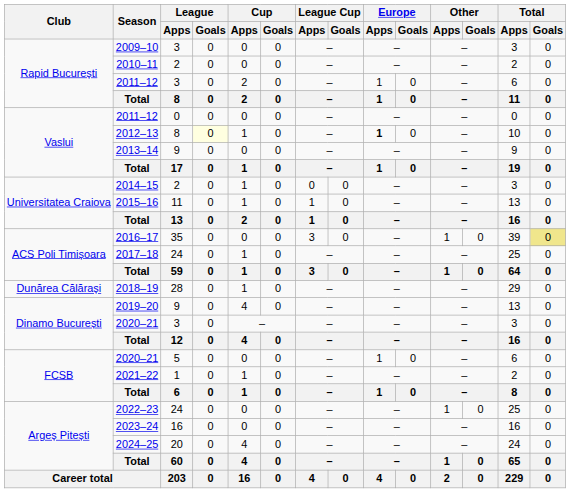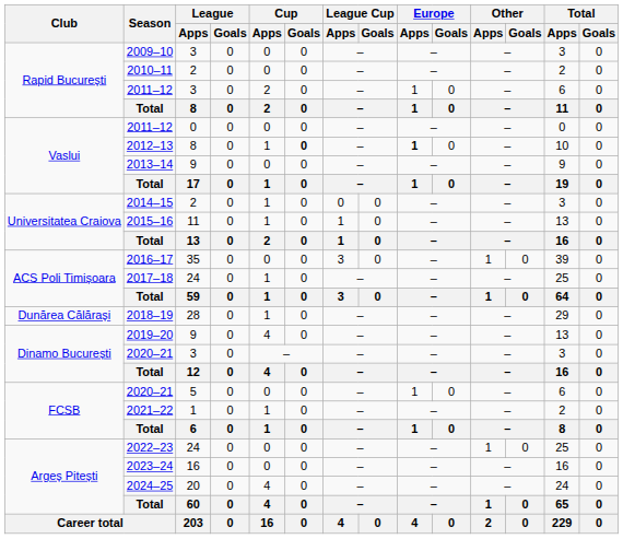 <table class="wikitable" style="font-size:100%; text-align: center;">
 <tr>
 <th rowspan="2">Club</th>
 <th rowspan="2">Season</th>
 <th colspan="2">League</th>
 <th colspan="2">Cup</th>
 <th colspan="2">League Cup</th>
 <th colspan="2"><a href='#'>Europe</a></th>
 <th colspan="2">Other</th>
 <th colspan="3">Total</th>
 </tr>
 <tr>
 <th>Apps</th>
 <th>Goals</th>
 <th>Apps</th>
 <th>Goals</th>
 <th>Apps</th>
 <th>Goals</th>
 <th>Apps</th>
 <th>Goals</th>
 <th>Apps</th>
 <th>Goals</th>
 <th>Apps</th>
 <th>Goals</th>
 </tr>
 <tr>
 <td rowspan="4"><a href='#'>Rapid București</a></td>
 <td><a href='#'>2009–10</a></td>
 <td>3</td>
 <td>0</td>
 <td>0</td>
 <td>0</td>
 <td colspan="2">–</td>
 <td colspan="2">–</td>
 <td colspan="2">–</td>
 <td>3</td>
 <td>0</td>
 </tr>
 <tr>
 <td><a href='#'>2010–11</a></td>
 <td>2</td>
 <td>0</td>
 <td>0</td>
 <td>0</td>
 <td colspan="2">–</td>
 <td colspan="2">–</td>
 <td colspan="2">–</td>
 <td>2</td>
 <td>0</td>
 </tr>
 <tr>
 <td><a href='#'>2011–12</a></td>
 <td>3</td>
 <td>0</td>
 <td>2</td>
 <td>0</td>
 <td colspan="2">–</td>
 <td>1</td>
 <td>0</td>
 <td colspan="2">–</td>
 <td>6</td>
 <td>0</td>
 </tr>
 <tr>
 <th>Total</th>
 <th>8</th>
 <th>0</th>
 <th>2</th>
 <th>0</th>
 <th colspan="2">–</th>
 <th>1</th>
 <th>0</th>
 <th colspan="2">–</th>
 <th>11</th>
 <th>0</th>
 </tr>
 <tr>
 <td rowspan="4"><a href='#'>Vaslui</a></td>
 <td><a href='#'>2011–12</a></td>
 <td>0</td>
 <td>0</td>
 <td>0</td>
 <td>0</td>
 <td colspan="2">–</td>
 <td colspan="2">–</td>
 <td colspan="2">–</td>
 <td>0</td>
 <td>0</td>
 </tr>
 <tr>
 <td><a href='#'>2012–13</a></td>
 <td>8</td>
-<td style="background: lightyellow;">0</td>
+<td>0</td>
 <td>1</td>
-<td>0</td>
+<td><strong>0</strong></td>
 <td colspan="2">–</td>
 <td><strong>1</strong></td>
 <td>0</td>
 <td colspan="2">–</td>
 <td>10</td>
 <td>0</td>
 </tr>
 <tr>
 <td><a href='#'>2013–14</a></td>
 <td>9</td>
 <td>0</td>
 <td>0</td>
 <td>0</td>
 <td colspan="2">–</td>
 <td colspan="2">–</td>
 <td colspan="2">–</td>
 <td>9</td>
 <td>0</td>
 </tr>
 <tr>
 <th>Total</th>
 <th>17</th>
 <th>0</th>
 <th>1</th>
 <th>0</th>
 <th colspan="2">–</th>
 <th>1</th>
 <th>0</th>
 <th colspan="2">–</th>
 <th>19</th>
 <th>0</th>
 </tr>
 <tr>
 <td rowspan="3"><a href='#'>Universitatea Craiova</a></td>
 <td><a href='#'>2014–15</a></td>
 <td>2</td>
 <td>0</td>
 <td>1</td>
 <td>0</td>
 <td>0</td>
 <td>0</td>
 <td colspan="2">–</td>
 <td colspan="2">–</td>
 <td>3</td>
 <td>0</td>
 </tr>
 <tr>
 <td><a href='#'>2015–16</a></td>
 <td>11</td>
 <td>0</td>
 <td>1</td>
 <td>0</td>
 <td>1</td>
 <td>0</td>
 <td colspan="2">–</td>
 <td colspan="2">–</td>
 <td>13</td>
 <td>0</td>
 </tr>
 <tr>
 <th>Total</th>
 <th>13</th>
 <th>0</th>
 <th>2</th>
 <th>0</th>
 <th>1</th>
 <th>0</th>
 <th colspan="2">–</th>
 <th colspan="2">–</th>
 <th>16</th>
 <th>0</th>
 </tr>
 <tr>
 <td rowspan="3"><a href='#'>ACS Poli Timișoara</a></td>
 <td><a href='#'>2016–17</a></td>
 <td>35</td>
 <td>0</td>
 <td>0</td>
 <td>0</td>
 <td>3</td>
 <td>0</td>
 <td colspan="2">–</td>
 <td>1</td>
 <td>0</td>
 <td>39</td>
-<td style="background: khaki;">0</td>
+<td>0</td>
 </tr>
 <tr>
 <td><a href='#'>2017–18</a></td>
 <td>24</td>
 <td>0</td>
 <td>1</td>
 <td>0</td>
 <td colspan="2">–</td>
 <td colspan="2">–</td>
 <td colspan="2">–</td>
 <td>25</td>
 <td>0</td>
 </tr>
 <tr>
 <th>Total</th>
 <th>59</th>
 <th>0</th>
 <th>1</th>
 <th>0</th>
 <th>3</th>
 <th>0</th>
 <th colspan="2">–</th>
 <th>1</th>
 <th>0</th>
 <th>64</th>
 <th>0</th>
 </tr>
 <tr>
 <td rowspan="1"><a href='#'>Dunărea Călărași</a></td>
 <td><a href='#'>2018–19</a></td>
 <td>28</td>
 <td>0</td>
 <td>1</td>
 <td>0</td>
 <td colspan="2">–</td>
 <td colspan="2">–</td>
 <td colspan="2">–</td>
 <td>29</td>
 <td>0</td>
 </tr>
 <tr>
 <td rowspan="3"><a href='#'>Dinamo București</a></td>
 <td><a href='#'>2019–20</a></td>
 <td>9</td>
 <td>0</td>
 <td>4</td>
 <td>0</td>
 <td colspan="2">–</td>
 <td colspan="2">–</td>
 <td colspan="2">–</td>
 <td>13</td>
 <td>0</td>
 </tr>
 <tr>
 <td><a href='#'>2020–21</a></td>
 <td>3</td>
 <td>0</td>
 <td colspan="2">–</td>
 <td colspan="2">–</td>
 <td colspan="2">–</td>
 <td colspan="2">–</td>
 <td>3</td>
 <td>0</td>
 </tr>
 <tr>
 <th>Total</th>
 <th>12</th>
 <th>0</th>
 <th>4</th>
 <th>0</th>
 <th colspan="2">–</th>
 <th colspan="2">–</th>
 <th colspan="2">–</th>
 <th>16</th>
 <th>0</th>
 </tr>
 <tr>
 <td rowspan="3"><a href='#'>FCSB</a></td>
 <td><a href='#'>2020–21</a></td>
 <td>5</td>
 <td>0</td>
 <td>0</td>
 <td>0</td>
 <td colspan="2">–</td>
 <td>1</td>
 <td>0</td>
 <td colspan="2">–</td>
 <td>6</td>
 <td>0</td>
 </tr>
 <tr>
 <td><a href='#'>2021–22</a></td>
 <td>1</td>
 <td>0</td>
 <td>1</td>
 <td>0</td>
 <td colspan="2">–</td>
 <td colspan="2">–</td>
 <td colspan="2">–</td>
 <td>2</td>
 <td>0</td>
 </tr>
 <tr>
 <th>Total</th>
 <th>6</th>
 <th>0</th>
 <th>1</th>
 <th>0</th>
 <th colspan="2">–</th>
 <th>1</th>
 <th>0</th>
 <th colspan="2">–</th>
 <th>8</th>
 <th>0</th>
 </tr>
 <tr>
 <td rowspan="4"><a href='#'>Argeș Pitești</a></td>
 <td><a href='#'>2022–23</a></td>
 <td>24</td>
 <td>0</td>
 <td>0</td>
 <td>0</td>
 <td colspan="2">–</td>
 <td colspan="2">–</td>
 <td>1</td>
 <td>0</td>
 <td>25</td>
 <td>0</td>
 </tr>
 <tr>
 <td><a href='#'>2023–24</a></td>
 <td>16</td>
 <td>0</td>
 <td>0</td>
 <td>0</td>
 <td colspan="2">–</td>
 <td colspan="2">–</td>
 <td colspan="2">–</td>
 <td>16</td>
 <td>0</td>
 </tr>
 <tr>
 <td><a href='#'>2024–25</a></td>
 <td>20</td>
 <td>0</td>
 <td>4</td>
 <td>0</td>
 <td colspan="2">–</td>
 <td colspan="2">–</td>
 <td colspan="2">–</td>
 <td>24</td>
 <td>0</td>
 </tr>
 <tr>
 <th>Total</th>
 <th>60</th>
 <th>0</th>
 <th>4</th>
 <th>0</th>
 <th colspan="2">–</th>
 <th colspan="2">–</th>
 <th>1</th>
 <th>0</th>
 <th>65</th>
 <th>0</th>
 </tr>
 <tr>
 <th colspan="2">Career total</th>
 <th>203</th>
 <th>0</th>
 <th>16</th>
 <th>0</th>
 <th>4</th>
 <th>0</th>
 <th>4</th>
 <th>0</th>
 <th>2</th>
 <th>0</th>
 <th>229</th>
 <th>0</th>
 </tr>
 </table>
